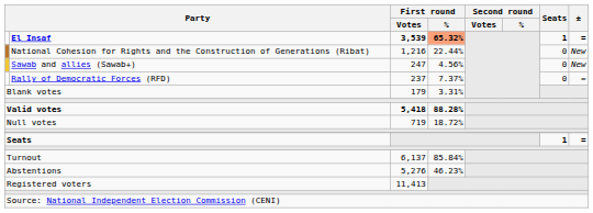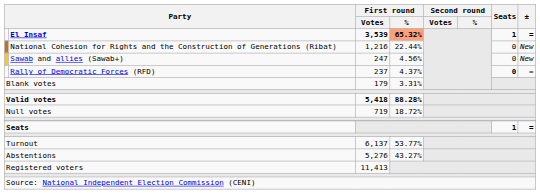 <table class="wikitable" style="text-align:right;font-size:95%;">
 <tr>
 <th rowspan="2" colspan="2" width="700">Party</th>
 <th colspan="2">First round</th>
 <th colspan="2">Second round</th>
 <th rowspan="2" width="25">Seats</th>
 <th rowspan="2" width="20">±</th>
 </tr>
 <tr>
 <th width="50">Votes</th>
 <th width="50">%</th>
 <th width="50">Votes</th>
 <th width="50">%</th>
 </tr>
 <tr>
 <td width="1" style="color:inherit;background:"></td>
 <td style="text-align:left;"><strong><a href='#'>El Insaf</a></strong></td>
 <td><strong>3,539</strong></td>
 <td style="background: lightsalmon;"><strong>65.32%</strong></td>
 <td colspan="2" rowspan="5" style="background:#E9E9E9;"></td>
 <td><strong>1</strong></td>
 <td><strong>=</strong></td>
 </tr>
 <tr>
 <td width="1" style="color:inherit;background:#B7752C;"></td>
 <td style="text-align:left;">National Cohesion for Rights and the Construction of Generations (Ribat)</td>
 <td>1,216</td>
 <td>22.44%</td>
 <td>0</td>
 <td><em>New</em></td>
 </tr>
 <tr>
 <td width="1" style="color:inherit;background:#F0C832;"></td>
 <td style="text-align:left;"><a href='#'>Sawab</a> and <a href='#'>allies</a> (Sawab+)</td>
 <td>247</td>
 <td>4.56%</td>
 <td>0</td>
 <td><em>New</em></td>
 </tr>
 <tr>
 <td width="1" style="color:inherit;background:"></td>
 <td style="text-align:left;"><a href='#'>Rally of Democratic Forces</a> (RFD)</td>
 <td>237</td>
-<td>7.37%</td>
-<td>0</td>
+<td>4.37%</td>
+<td><strong>0</strong></td>
 <td>=</td>
 </tr>
 <tr>
 <td colspan="2" style="text-align:left;">Blank votes</td>
 <td>179</td>
 <td>3.31%</td>
 <td colspan="4" style="background:#E9E9E9;"></td>
 </tr>
 <tr>
 <td colspan="8" style="background:#E9E9E9;"></td>
 </tr>
 <tr style="font-weight:bold;">
 <td colspan="2" style="text-align:left;">Valid votes</td>
 <td>5,418</td>
 <td>88.28%</td>
 <td colspan="4" style="background:#E9E9E9;"></td>
 </tr>
 <tr>
 <td colspan="2" style="text-align:left;">Null votes</td>
 <td>719</td>
 <td>18.72%</td>
 <td colspan="4" style="background:#E9E9E9;"></td>
 </tr>
 <tr>
 <td colspan="8" style="background:#E9E9E9;"></td>
 </tr>
 <tr>
 </tr>
 <tr style="font-weight:bold;">
 <td colspan="2" style="text-align:left;">Seats</td>
 <td colspan="4" style="background:#E9E9E9;"></td>
 <td>1</td>
 <td>=</td>
 </tr>
 <tr>
 <td colspan="8" style="background:#E9E9E9;"></td>
 </tr>
 <tr>
 <td colspan="2" style="text-align:left;">Turnout</td>
 <td>6,137</td>
-<td>85.84%</td>
+<td>53.77%</td>
 <td colspan="4" style="background:#E9E9E9;"></td>
 </tr>
 <tr>
 <td colspan="2" style="text-align:left;">Abstentions</td>
 <td>5,276</td>
-<td>46.23%</td>
+<td>43.27%</td>
 <td colspan="4" style="background:#E9E9E9;"></td>
 </tr>
 <tr>
 <td colspan="2" style="text-align:left;">Registered voters</td>
 <td>11,413</td>
 <td colspan="5" style="background:#E9E9E9;"></td>
 </tr>
 <tr>
 <td colspan="8" style="background:#E9E9E9;"></td>
 </tr>
 <tr>
 <td colspan="8" style="text-align:left;">Source: <a href='#'>National Independent Election Commission</a> (CENI)</td>
 </tr>
 </table>
